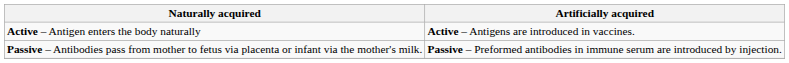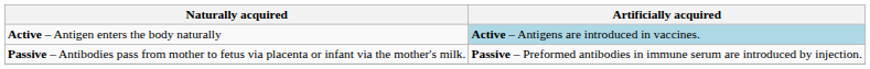 <table class="wikitable">
 <tr Adaptive immunity>
 <th>Naturally acquired</th>
 <th>Artificially acquired</th>
 </tr>
 <tr>
 <td><strong>Active</strong> – Antigen enters the body naturally</td>
-<td><strong>Active</strong> – Antigens are introduced in vaccines.</td>
+<td style="background: lightblue;"><strong>Active</strong> – Antigens are introduced in vaccines.</td>
 </tr>
 <tr>
 <td><strong>Passive</strong> – Antibodies pass from mother to fetus via placenta or infant via the mother's milk.</td>
 <td><strong>Passive</strong> – Preformed antibodies in immune serum are introduced by injection.</td>
 </tr>
 <tr>
 </tr>
 </table>
